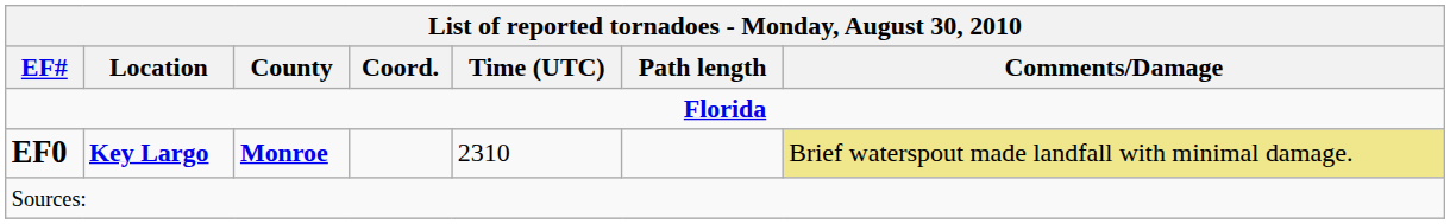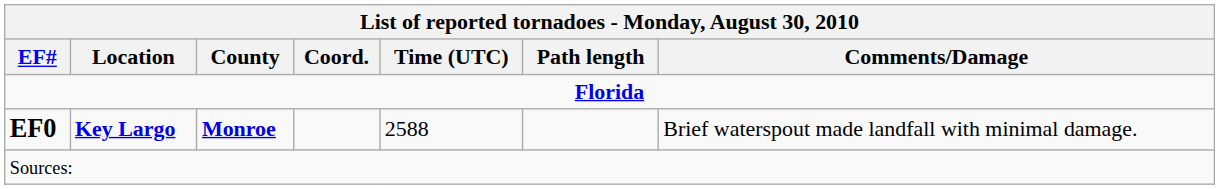 <table class="wikitable collapsible" width="100%">
 <tr>
 <th colspan="7">List of reported tornadoes - Monday, August 30, 2010</th>
 </tr>
 <tr>
 <th><a href='#'>EF#</a></th>
 <th>Location</th>
 <th>County</th>
 <th>Coord.</th>
 <th>Time (UTC)</th>
 <th>Path length</th>
 <th>Comments/Damage</th>
 </tr>
 <tr>
 <td colspan="7" align=center><strong><a href='#'>Florida</a></strong></td>
 </tr>
 <tr>
 <td><big><strong>EF0</strong></big></td>
 <td><strong><a href='#'>Key Largo</a></strong></td>
 <td><strong><a href='#'>Monroe</a></strong></td>
 <td></td>
-<td>2310</td>
+<td>2588</td>
 <td></td>
-<td style="background: khaki;">Brief waterspout made landfall with minimal damage.</td>
+<td>Brief waterspout made landfall with minimal damage.</td>
 </tr>
 <tr>
 <td colspan="7"><small>Sources:<br></small></td>
 </tr>
 </table>
